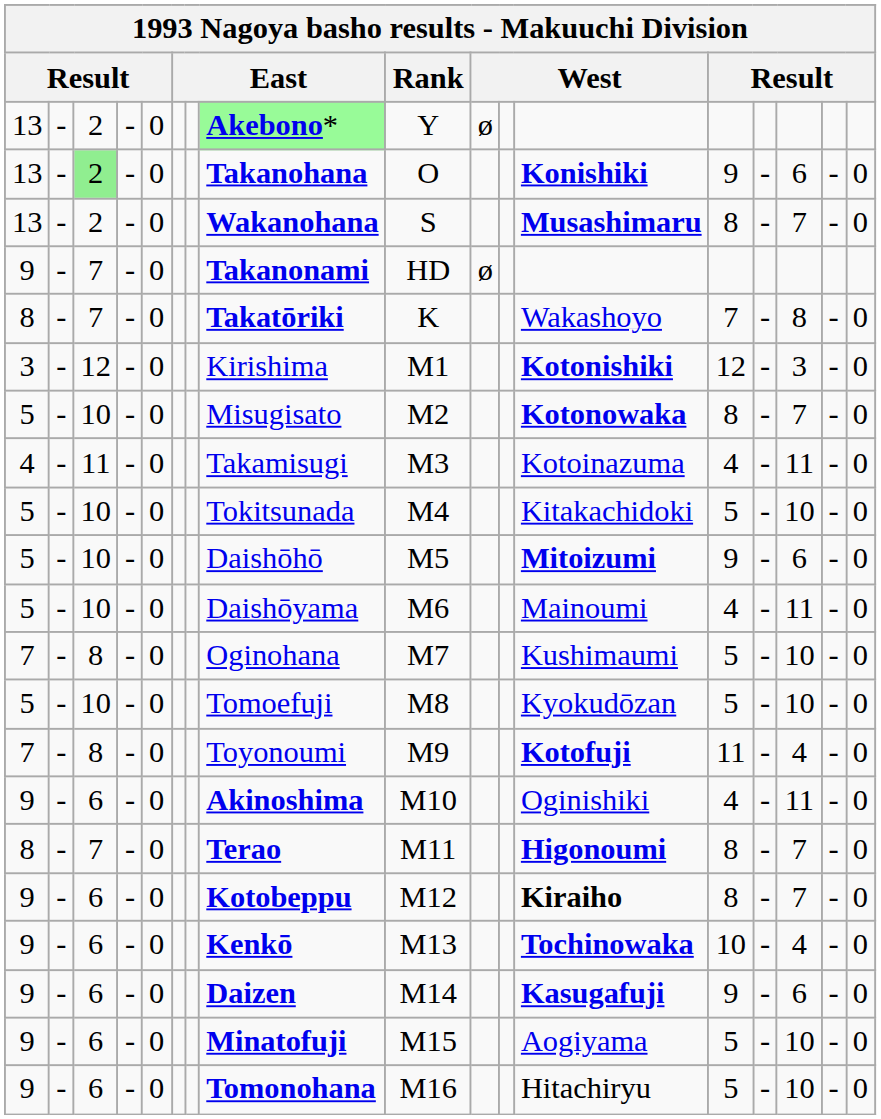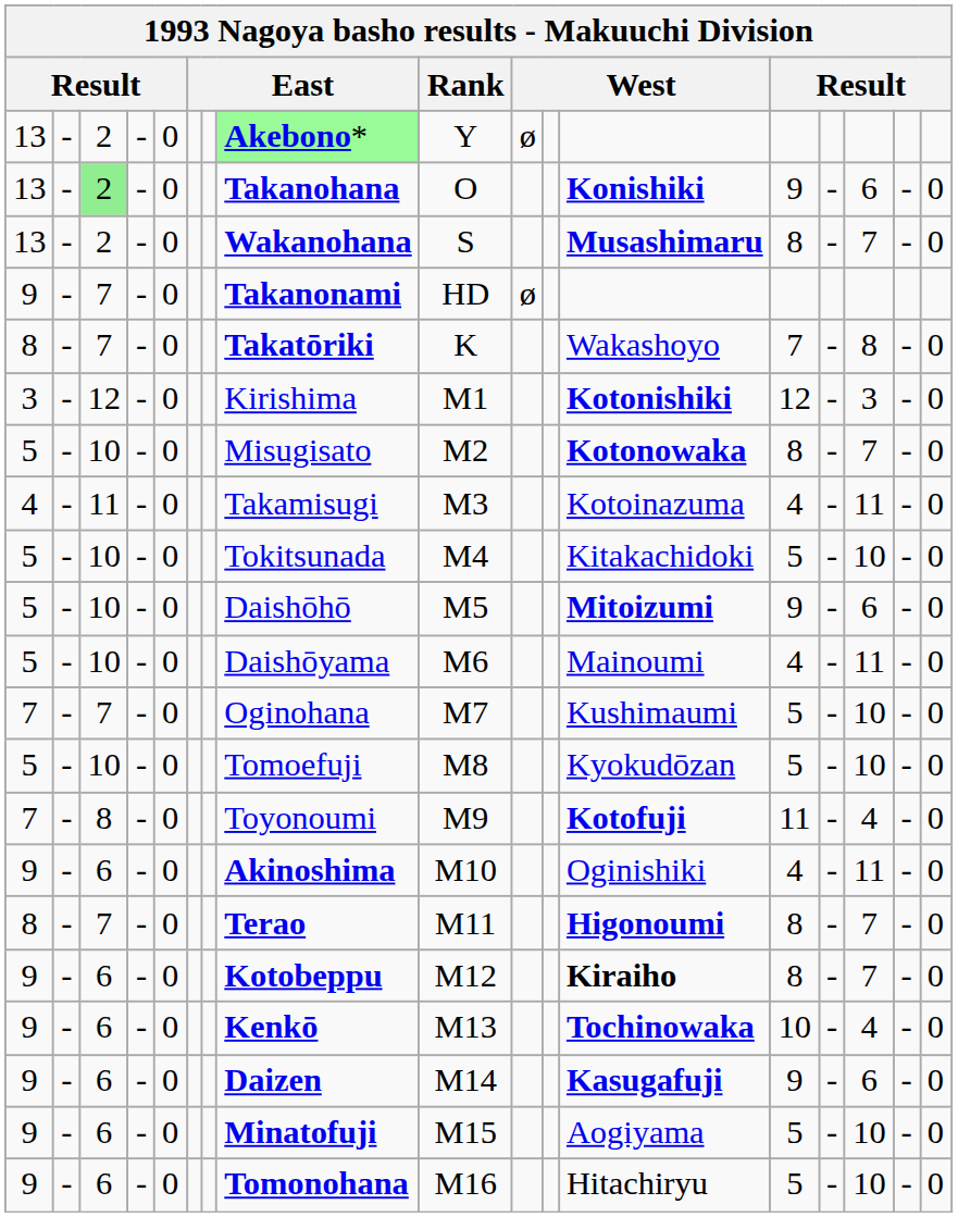 <table class="wikitable">
 <tr>
 <th colspan="17">1993 Nagoya basho results - Makuuchi Division</th>
 </tr>
 <tr>
 <th colspan="5">Result</th>
 <th colspan="3">East</th>
 <th>Rank</th>
 <th colspan="3">West</th>
 <th colspan="5">Result</th>
 </tr>
 <tr>
 <td align=center>13</td>
 <td align=center>-</td>
 <td align=center>2</td>
 <td align=center>-</td>
 <td align=center>0</td>
 <td align=center></td>
 <td align=center></td>
 <td style="background: PaleGreen;"><strong><a href='#'>Akebono</a></strong>*</td>
 <td align=center>Y</td>
 <td align=center>ø</td>
 <td align=center></td>
 <td></td>
 <td align=center></td>
 <td align=center></td>
 <td align=center></td>
 <td align=center></td>
 <td align=center></td>
 </tr>
 <tr>
 <td align=center>13</td>
 <td align=center>-</td>
 <td align=center style="background: lightgreen;">2</td>
 <td align=center>-</td>
 <td align=center>0</td>
 <td align=center></td>
 <td align=center></td>
 <td><strong><a href='#'>Takanohana</a></strong></td>
 <td align=center>O</td>
 <td align=center></td>
 <td align=center></td>
 <td><strong><a href='#'>Konishiki</a></strong></td>
 <td align=center>9</td>
 <td align=center>-</td>
 <td align=center>6</td>
 <td align=center>-</td>
 <td align=center>0</td>
 </tr>
 <tr>
 <td align=center>13</td>
 <td align=center>-</td>
 <td align=center>2</td>
 <td align=center>-</td>
 <td align=center>0</td>
 <td align=center></td>
 <td align=center></td>
 <td><strong><a href='#'>Wakanohana</a></strong></td>
 <td align=center>S</td>
 <td align=center></td>
 <td align=center></td>
 <td><strong><a href='#'>Musashimaru</a></strong></td>
 <td align=center>8</td>
 <td align=center>-</td>
 <td align=center>7</td>
 <td align=center>-</td>
 <td align=center>0</td>
 </tr>
 <tr>
 <td align=center>9</td>
 <td align=center>-</td>
 <td align=center>7</td>
 <td align=center>-</td>
 <td align=center>0</td>
 <td align=center></td>
 <td align=center></td>
 <td><strong><a href='#'>Takanonami</a></strong></td>
 <td align=center>HD</td>
 <td align=center>ø</td>
 <td align=center></td>
 <td></td>
 <td align=center></td>
 <td align=center></td>
 <td align=center></td>
 <td align=center></td>
 <td align=center></td>
 </tr>
 <tr>
 <td align=center>8</td>
 <td align=center>-</td>
 <td align=center>7</td>
 <td align=center>-</td>
 <td align=center>0</td>
 <td align=center></td>
 <td align=center></td>
 <td><strong><a href='#'>Takatōriki</a></strong></td>
 <td align=center>K</td>
 <td align=center></td>
 <td align=center></td>
 <td><a href='#'>Wakashoyo</a></td>
 <td align=center>7</td>
 <td align=center>-</td>
 <td align=center>8</td>
 <td align=center>-</td>
 <td align=center>0</td>
 </tr>
 <tr>
 <td align=center>3</td>
 <td align=center>-</td>
 <td align=center>12</td>
 <td align=center>-</td>
 <td align=center>0</td>
 <td align=center></td>
 <td align=center></td>
 <td><a href='#'>Kirishima</a></td>
 <td align=center>M1</td>
 <td align=center></td>
 <td align=center></td>
 <td><strong><a href='#'>Kotonishiki</a></strong></td>
 <td align=center>12</td>
 <td align=center>-</td>
 <td align=center>3</td>
 <td align=center>-</td>
 <td align=center>0</td>
 </tr>
 <tr>
 <td align=center>5</td>
 <td align=center>-</td>
 <td align=center>10</td>
 <td align=center>-</td>
 <td align=center>0</td>
 <td align=center></td>
 <td align=center></td>
 <td><a href='#'>Misugisato</a></td>
 <td align=center>M2</td>
 <td align=center></td>
 <td align=center></td>
 <td><strong><a href='#'>Kotonowaka</a></strong></td>
 <td align=center>8</td>
 <td align=center>-</td>
 <td align=center>7</td>
 <td align=center>-</td>
 <td align=center>0</td>
 </tr>
 <tr>
 <td align=center>4</td>
 <td align=center>-</td>
 <td align=center>11</td>
 <td align=center>-</td>
 <td align=center>0</td>
 <td align=center></td>
 <td align=center></td>
 <td><a href='#'>Takamisugi</a></td>
 <td align=center>M3</td>
 <td align=center></td>
 <td align=center></td>
 <td><a href='#'>Kotoinazuma</a></td>
 <td align=center>4</td>
 <td align=center>-</td>
 <td align=center>11</td>
 <td align=center>-</td>
 <td align=center>0</td>
 </tr>
 <tr>
 <td align=center>5</td>
 <td align=center>-</td>
 <td align=center>10</td>
 <td align=center>-</td>
 <td align=center>0</td>
 <td align=center></td>
 <td align=center></td>
 <td><a href='#'>Tokitsunada</a></td>
 <td align=center>M4</td>
 <td align=center></td>
 <td align=center></td>
 <td><a href='#'>Kitakachidoki</a></td>
 <td align=center>5</td>
 <td align=center>-</td>
 <td align=center>10</td>
 <td align=center>-</td>
 <td align=center>0</td>
 </tr>
 <tr>
 <td align=center>5</td>
 <td align=center>-</td>
 <td align=center>10</td>
 <td align=center>-</td>
 <td align=center>0</td>
 <td align=center></td>
 <td align=center></td>
 <td><a href='#'>Daishōhō</a></td>
 <td align=center>M5</td>
 <td align=center></td>
 <td align=center></td>
 <td><strong><a href='#'>Mitoizumi</a></strong></td>
 <td align=center>9</td>
 <td align=center>-</td>
 <td align=center>6</td>
 <td align=center>-</td>
 <td align=center>0</td>
 </tr>
 <tr>
 <td align=center>5</td>
 <td align=center>-</td>
 <td align=center>10</td>
 <td align=center>-</td>
 <td align=center>0</td>
 <td align=center></td>
 <td align=center></td>
 <td><a href='#'>Daishōyama</a></td>
 <td align=center>M6</td>
 <td align=center></td>
 <td align=center></td>
 <td><a href='#'>Mainoumi</a></td>
 <td align=center>4</td>
 <td align=center>-</td>
 <td align=center>11</td>
 <td align=center>-</td>
 <td align=center>0</td>
 </tr>
 <tr>
 <td align=center>7</td>
 <td align=center>-</td>
-<td align=center>8</td>
+<td align=center>7</td>
 <td align=center>-</td>
 <td align=center>0</td>
 <td align=center></td>
 <td align=center></td>
 <td><a href='#'>Oginohana</a></td>
 <td align=center>M7</td>
 <td align=center></td>
 <td align=center></td>
 <td><a href='#'>Kushimaumi</a></td>
 <td align=center>5</td>
 <td align=center>-</td>
 <td align=center>10</td>
 <td align=center>-</td>
 <td align=center>0</td>
 </tr>
 <tr>
 <td align=center>5</td>
 <td align=center>-</td>
 <td align=center>10</td>
 <td align=center>-</td>
 <td align=center>0</td>
 <td align=center></td>
 <td align=center></td>
 <td><a href='#'>Tomoefuji</a></td>
 <td align=center>M8</td>
 <td align=center></td>
 <td align=center></td>
 <td><a href='#'>Kyokudōzan</a></td>
 <td align=center>5</td>
 <td align=center>-</td>
 <td align=center>10</td>
 <td align=center>-</td>
 <td align=center>0</td>
 </tr>
 <tr>
 <td align=center>7</td>
 <td align=center>-</td>
 <td align=center>8</td>
 <td align=center>-</td>
 <td align=center>0</td>
 <td align=center></td>
 <td align=center></td>
 <td><a href='#'>Toyonoumi</a></td>
 <td align=center>M9</td>
 <td align=center></td>
 <td align=center></td>
 <td><strong><a href='#'>Kotofuji</a></strong></td>
 <td align=center>11</td>
 <td align=center>-</td>
 <td align=center>4</td>
 <td align=center>-</td>
 <td align=center>0</td>
 </tr>
 <tr>
 <td align=center>9</td>
 <td align=center>-</td>
 <td align=center>6</td>
 <td align=center>-</td>
 <td align=center>0</td>
 <td align=center></td>
 <td align=center></td>
 <td><strong><a href='#'>Akinoshima</a></strong></td>
 <td align=center>M10</td>
 <td align=center></td>
 <td align=center></td>
 <td><a href='#'>Oginishiki</a></td>
 <td align=center>4</td>
 <td align=center>-</td>
 <td align=center>11</td>
 <td align=center>-</td>
 <td align=center>0</td>
 </tr>
 <tr>
 <td align=center>8</td>
 <td align=center>-</td>
 <td align=center>7</td>
 <td align=center>-</td>
 <td align=center>0</td>
 <td align=center></td>
 <td align=center></td>
 <td><strong><a href='#'>Terao</a></strong></td>
 <td align=center>M11</td>
 <td align=center></td>
 <td align=center></td>
 <td><strong><a href='#'>Higonoumi</a></strong></td>
 <td align=center>8</td>
 <td align=center>-</td>
 <td align=center>7</td>
 <td align=center>-</td>
 <td align=center>0</td>
 </tr>
 <tr>
 <td align=center>9</td>
 <td align=center>-</td>
 <td align=center>6</td>
 <td align=center>-</td>
 <td align=center>0</td>
 <td align=center></td>
 <td align=center></td>
 <td><strong><a href='#'>Kotobeppu</a></strong></td>
 <td align=center>M12</td>
 <td align=center></td>
 <td align=center></td>
 <td><strong>Kiraiho</strong></td>
 <td align=center>8</td>
 <td align=center>-</td>
 <td align=center>7</td>
 <td align=center>-</td>
 <td align=center>0</td>
 </tr>
 <tr>
 <td align=center>9</td>
 <td align=center>-</td>
 <td align=center>6</td>
 <td align=center>-</td>
 <td align=center>0</td>
 <td align=center></td>
 <td align=center></td>
 <td><strong><a href='#'>Kenkō</a></strong></td>
 <td align=center>M13</td>
 <td align=center></td>
 <td align=center></td>
 <td><strong><a href='#'>Tochinowaka</a></strong></td>
 <td align=center>10</td>
 <td align=center>-</td>
 <td align=center>4</td>
 <td align=center>-</td>
 <td align=center>0</td>
 </tr>
 <tr>
 <td align=center>9</td>
 <td align=center>-</td>
 <td align=center>6</td>
 <td align=center>-</td>
 <td align=center>0</td>
 <td align=center></td>
 <td align=center></td>
 <td><strong><a href='#'>Daizen</a></strong></td>
 <td align=center>M14</td>
 <td align=center></td>
 <td align=center></td>
 <td><strong><a href='#'>Kasugafuji</a></strong></td>
 <td align=center>9</td>
 <td align=center>-</td>
 <td align=center>6</td>
 <td align=center>-</td>
 <td align=center>0</td>
 </tr>
 <tr>
 <td align=center>9</td>
 <td align=center>-</td>
 <td align=center>6</td>
 <td align=center>-</td>
 <td align=center>0</td>
 <td align=center></td>
 <td align=center></td>
 <td><strong><a href='#'>Minatofuji</a></strong></td>
 <td align=center>M15</td>
 <td align=center></td>
 <td align=center></td>
 <td><a href='#'>Aogiyama</a></td>
 <td align=center>5</td>
 <td align=center>-</td>
 <td align=center>10</td>
 <td align=center>-</td>
 <td align=center>0</td>
 </tr>
 <tr>
 <td align=center>9</td>
 <td align=center>-</td>
 <td align=center>6</td>
 <td align=center>-</td>
 <td align=center>0</td>
 <td align=center></td>
 <td align=center></td>
 <td><strong><a href='#'>Tomonohana</a></strong></td>
 <td align=center>M16</td>
 <td align=center></td>
 <td align=center></td>
 <td>Hitachiryu</td>
 <td align=center>5</td>
 <td align=center>-</td>
 <td align=center>10</td>
 <td align=center>-</td>
 <td align=center>0</td>
 </tr>
 </table>
